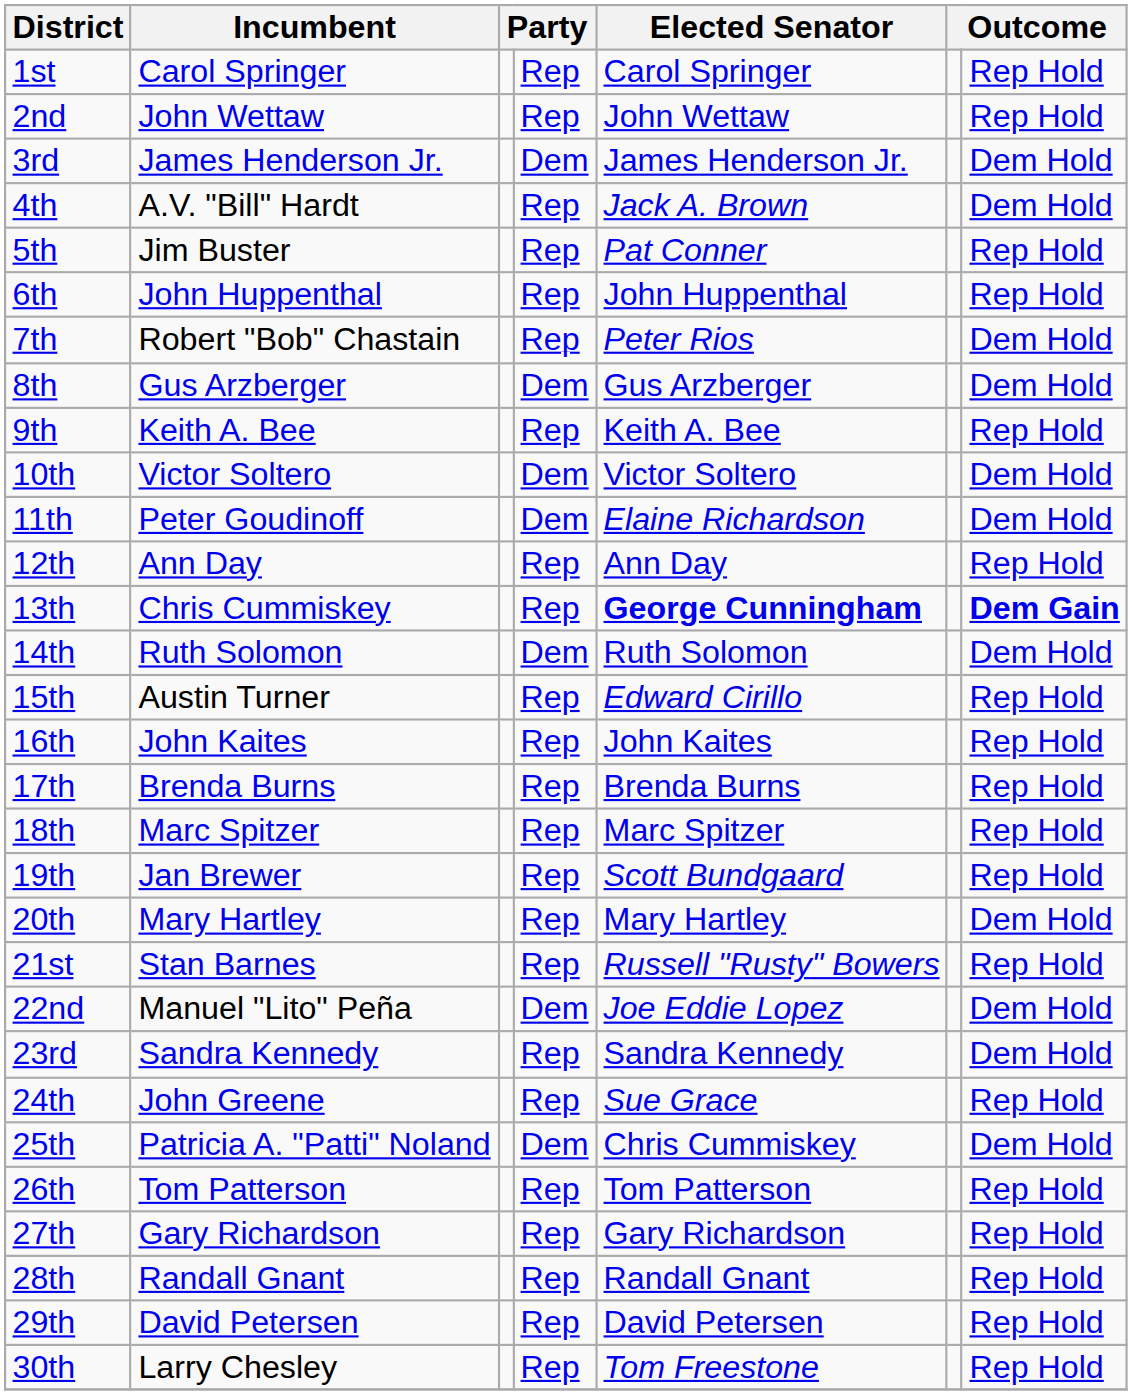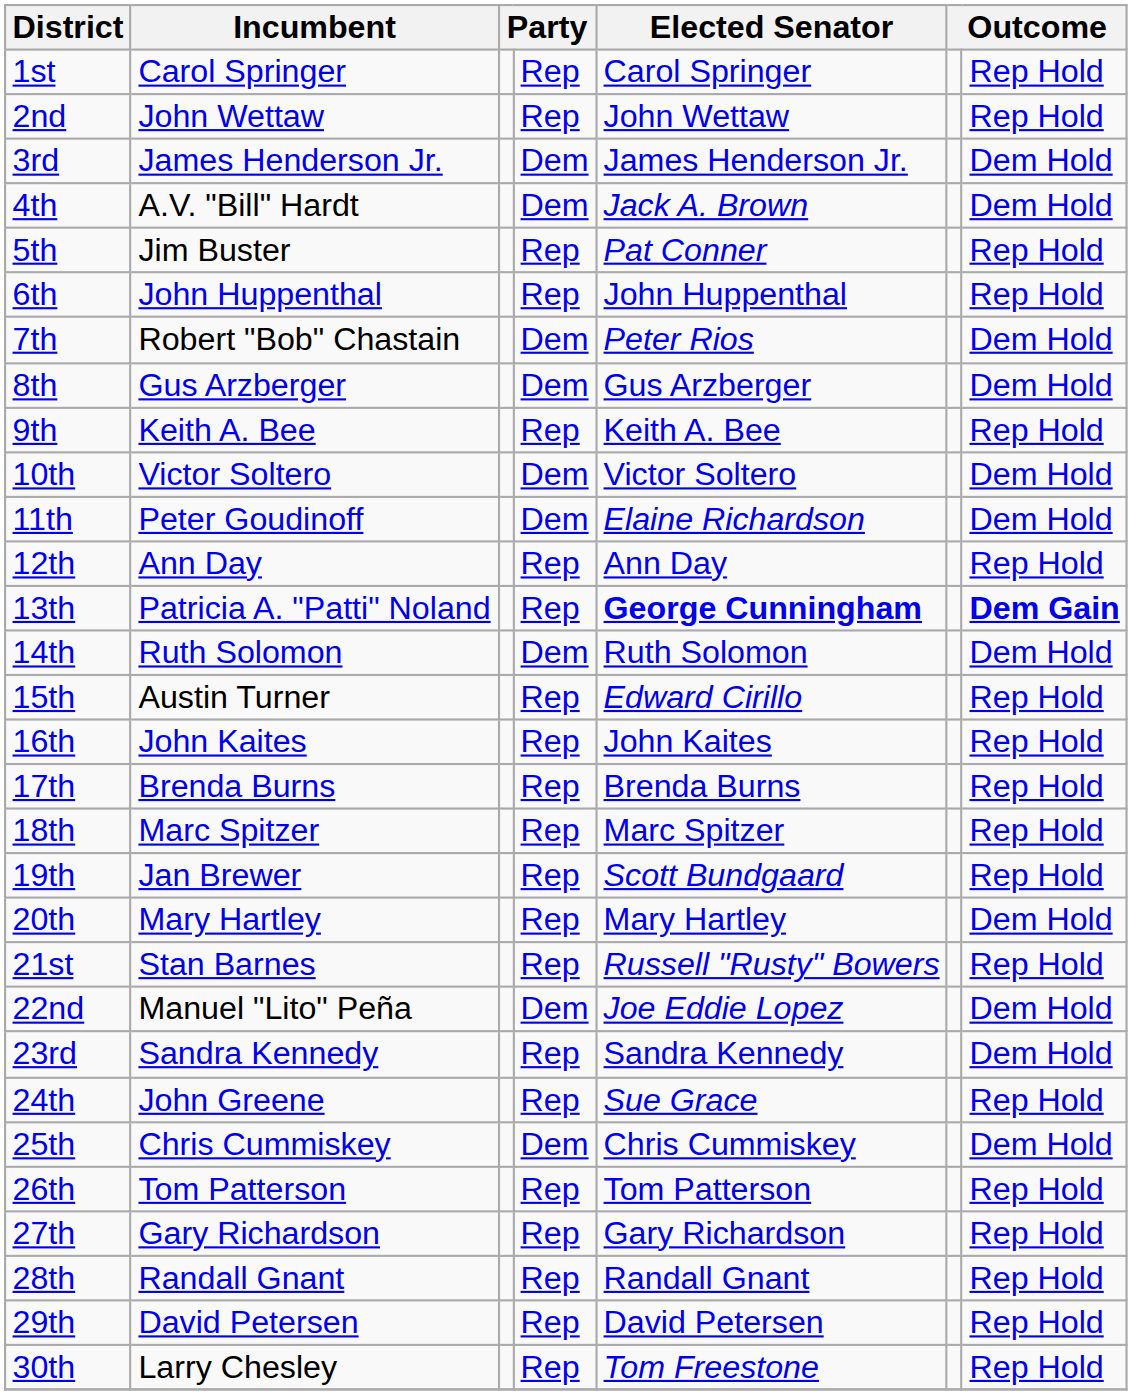 <table class="sortable wikitable" style="font-size:95%;line-height:14px;">
 <tr>
 <th>District</th>
 <th>Incumbent</th>
 <th colspan="2">Party</th>
 <th>Elected Senator</th>
 <th colspan="2">Outcome</th>
 </tr>
 <tr>
 <td><a href='#'>1st</a></td>
 <td><a href='#'>Carol Springer</a></td>
 <td style="background:"></td>
 <td><a href='#'>Rep</a></td>
 <td><a href='#'>Carol Springer</a></td>
 <td style="background:"></td>
 <td><a href='#'>Rep Hold</a></td>
 </tr>
 <tr>
 <td><a href='#'>2nd</a></td>
 <td><a href='#'>John Wettaw</a></td>
 <td style="background:"></td>
 <td><a href='#'>Rep</a></td>
 <td><a href='#'>John Wettaw</a></td>
 <td style="background:"></td>
 <td><a href='#'>Rep Hold</a></td>
 </tr>
 <tr>
 <td><a href='#'>3rd</a></td>
 <td><a href='#'>James Henderson Jr.</a></td>
 <td style="background:"></td>
 <td><a href='#'>Dem</a></td>
 <td><a href='#'>James Henderson Jr.</a></td>
 <td style="background:"></td>
 <td><a href='#'>Dem Hold</a></td>
 </tr>
 <tr>
 <td><a href='#'>4th</a></td>
 <td>A.V. "Bill" Hardt</td>
 <td style="background:"></td>
-<td><a href='#'>Rep</a></td>
+<td><a href='#'>Dem</a></td>
 <td><em><a href='#'>Jack A. Brown</a></em></td>
 <td style="background:"></td>
 <td><a href='#'>Dem Hold</a></td>
 </tr>
 <tr>
 <td><a href='#'>5th</a></td>
 <td>Jim Buster</td>
 <td style="background:"></td>
 <td><a href='#'>Rep</a></td>
 <td><em><a href='#'>Pat Conner</a></em></td>
 <td style="background:"></td>
 <td><a href='#'>Rep Hold</a></td>
 </tr>
 <tr>
 <td><a href='#'>6th</a></td>
 <td><a href='#'>John Huppenthal</a></td>
 <td style="background:"></td>
 <td><a href='#'>Rep</a></td>
 <td><a href='#'>John Huppenthal</a></td>
 <td style="background:"></td>
 <td><a href='#'>Rep Hold</a></td>
 </tr>
 <tr>
 <td><a href='#'>7th</a></td>
 <td>Robert "Bob" Chastain</td>
 <td style="background:"></td>
-<td><a href='#'>Rep</a></td>
+<td><a href='#'>Dem</a></td>
 <td><em><a href='#'>Peter Rios</a></em></td>
 <td style="background:"></td>
 <td><a href='#'>Dem Hold</a></td>
 </tr>
 <tr>
 <td><a href='#'>8th</a></td>
 <td><a href='#'>Gus Arzberger</a></td>
 <td style="background:"></td>
 <td><a href='#'>Dem</a></td>
 <td><a href='#'>Gus Arzberger</a></td>
 <td style="background:"></td>
 <td><a href='#'>Dem Hold</a></td>
 </tr>
 <tr>
 <td><a href='#'>9th</a></td>
 <td><a href='#'>Keith A. Bee</a></td>
 <td style="background:"></td>
 <td><a href='#'>Rep</a></td>
 <td><a href='#'>Keith A. Bee</a></td>
 <td style="background:"></td>
 <td><a href='#'>Rep Hold</a></td>
 </tr>
 <tr>
 <td><a href='#'>10th</a></td>
 <td><a href='#'>Victor Soltero</a></td>
 <td style="background:"></td>
 <td><a href='#'>Dem</a></td>
 <td><a href='#'>Victor Soltero</a></td>
 <td style="background:"></td>
 <td><a href='#'>Dem Hold</a></td>
 </tr>
 <tr>
 <td><a href='#'>11th</a></td>
 <td><a href='#'>Peter Goudinoff</a></td>
 <td style="background:"></td>
 <td><a href='#'>Dem</a></td>
 <td><em><a href='#'>Elaine Richardson</a></em></td>
 <td style="background:"></td>
 <td><a href='#'>Dem Hold</a></td>
 </tr>
 <tr>
 <td><a href='#'>12th</a></td>
 <td><a href='#'>Ann Day</a></td>
 <td style="background:"></td>
 <td><a href='#'>Rep</a></td>
 <td><a href='#'>Ann Day</a></td>
 <td style="background:"></td>
 <td><a href='#'>Rep Hold</a></td>
 </tr>
 <tr>
 <td><a href='#'>13th</a></td>
-<td><a href='#'>Chris Cummiskey</a></td>
+<td><a href='#'>Patricia A. "Patti" Noland</a></td>
 <td style="background:"></td>
 <td><a href='#'>Rep</a></td>
 <td><strong><a href='#'>George Cunningham</a></strong></td>
 <td style="background:"></td>
 <td><strong><a href='#'>Dem Gain</a></strong></td>
 </tr>
 <tr>
 <td><a href='#'>14th</a></td>
 <td><a href='#'>Ruth Solomon</a></td>
 <td style="background:"></td>
 <td><a href='#'>Dem</a></td>
 <td><a href='#'>Ruth Solomon</a></td>
 <td style="background:"></td>
 <td><a href='#'>Dem Hold</a></td>
 </tr>
 <tr>
 <td><a href='#'>15th</a></td>
 <td>Austin Turner</td>
 <td style="background:"></td>
 <td><a href='#'>Rep</a></td>
 <td><em><a href='#'>Edward Cirillo</a></em></td>
 <td style="background:"></td>
 <td><a href='#'>Rep Hold</a></td>
 </tr>
 <tr>
 <td><a href='#'>16th</a></td>
 <td><a href='#'>John Kaites</a></td>
 <td style="background:"></td>
 <td><a href='#'>Rep</a></td>
 <td><a href='#'>John Kaites</a></td>
 <td style="background:"></td>
 <td><a href='#'>Rep Hold</a></td>
 </tr>
 <tr>
 <td><a href='#'>17th</a></td>
 <td><a href='#'>Brenda Burns</a></td>
 <td style="background:"></td>
 <td><a href='#'>Rep</a></td>
 <td><a href='#'>Brenda Burns</a></td>
 <td style="background:"></td>
 <td><a href='#'>Rep Hold</a></td>
 </tr>
 <tr>
 <td><a href='#'>18th</a></td>
 <td><a href='#'>Marc Spitzer</a></td>
 <td style="background:"></td>
 <td><a href='#'>Rep</a></td>
 <td><a href='#'>Marc Spitzer</a></td>
 <td style="background:"></td>
 <td><a href='#'>Rep Hold</a></td>
 </tr>
 <tr>
 <td><a href='#'>19th</a></td>
 <td><a href='#'>Jan Brewer</a></td>
 <td style="background:"></td>
 <td><a href='#'>Rep</a></td>
 <td><em><a href='#'>Scott Bundgaard</a></em></td>
 <td style="background:"></td>
 <td><a href='#'>Rep Hold</a></td>
 </tr>
 <tr>
 <td><a href='#'>20th</a></td>
 <td><a href='#'>Mary Hartley</a></td>
 <td style="background:"></td>
 <td><a href='#'>Rep</a></td>
 <td><a href='#'>Mary Hartley</a></td>
 <td style="background:"></td>
 <td><a href='#'>Dem Hold</a></td>
 </tr>
 <tr>
 <td><a href='#'>21st</a></td>
 <td><a href='#'>Stan Barnes</a></td>
 <td style="background:"></td>
 <td><a href='#'>Rep</a></td>
 <td><em><a href='#'>Russell "Rusty" Bowers</a></em></td>
 <td style="background:"></td>
 <td><a href='#'>Rep Hold</a></td>
 </tr>
 <tr>
 <td><a href='#'>22nd</a></td>
 <td>Manuel "Lito" Peña</td>
 <td style="background:"></td>
 <td><a href='#'>Dem</a></td>
 <td><em><a href='#'>Joe Eddie Lopez</a></em></td>
 <td style="background:"></td>
 <td><a href='#'>Dem Hold</a></td>
 </tr>
 <tr>
 <td><a href='#'>23rd</a></td>
 <td><a href='#'>Sandra Kennedy</a></td>
 <td style="background:"></td>
 <td><a href='#'>Rep</a></td>
 <td><a href='#'>Sandra Kennedy</a></td>
 <td style="background:"></td>
 <td><a href='#'>Dem Hold</a></td>
 </tr>
 <tr>
 <td><a href='#'>24th</a></td>
 <td><a href='#'>John Greene</a></td>
 <td style="background:"></td>
 <td><a href='#'>Rep</a></td>
 <td><em><a href='#'>Sue Grace</a></em></td>
 <td style="background:"></td>
 <td><a href='#'>Rep Hold</a></td>
 </tr>
 <tr>
 <td><a href='#'>25th</a></td>
-<td><a href='#'>Patricia A. "Patti" Noland</a></td>
+<td><a href='#'>Chris Cummiskey</a></td>
 <td style="background:"></td>
 <td><a href='#'>Dem</a></td>
 <td><a href='#'>Chris Cummiskey</a></td>
 <td style="background:"></td>
 <td><a href='#'>Dem Hold</a></td>
 </tr>
 <tr>
 <td><a href='#'>26th</a></td>
 <td><a href='#'>Tom Patterson</a></td>
 <td style="background:"></td>
 <td><a href='#'>Rep</a></td>
 <td><a href='#'>Tom Patterson</a></td>
 <td style="background:"></td>
 <td><a href='#'>Rep Hold</a></td>
 </tr>
 <tr>
 <td><a href='#'>27th</a></td>
 <td><a href='#'>Gary Richardson</a></td>
 <td style="background:"></td>
 <td><a href='#'>Rep</a></td>
 <td><a href='#'>Gary Richardson</a></td>
 <td style="background:"></td>
 <td><a href='#'>Rep Hold</a></td>
 </tr>
 <tr>
 <td><a href='#'>28th</a></td>
 <td><a href='#'>Randall Gnant</a></td>
 <td style="background:"></td>
 <td><a href='#'>Rep</a></td>
 <td><a href='#'>Randall Gnant</a></td>
 <td style="background:"></td>
 <td><a href='#'>Rep Hold</a></td>
 </tr>
 <tr>
 <td><a href='#'>29th</a></td>
 <td><a href='#'>David Petersen</a></td>
 <td style="background:"></td>
 <td><a href='#'>Rep</a></td>
 <td><a href='#'>David Petersen</a></td>
 <td style="background:"></td>
 <td><a href='#'>Rep Hold</a></td>
 </tr>
 <tr>
 <td><a href='#'>30th</a></td>
 <td>Larry Chesley</td>
 <td style="background:"></td>
 <td><a href='#'>Rep</a></td>
 <td><em><a href='#'>Tom Freestone</a></em></td>
 <td style="background:"></td>
 <td><a href='#'>Rep Hold</a></td>
 </tr>
 <tr>
 </tr>
 </table>
